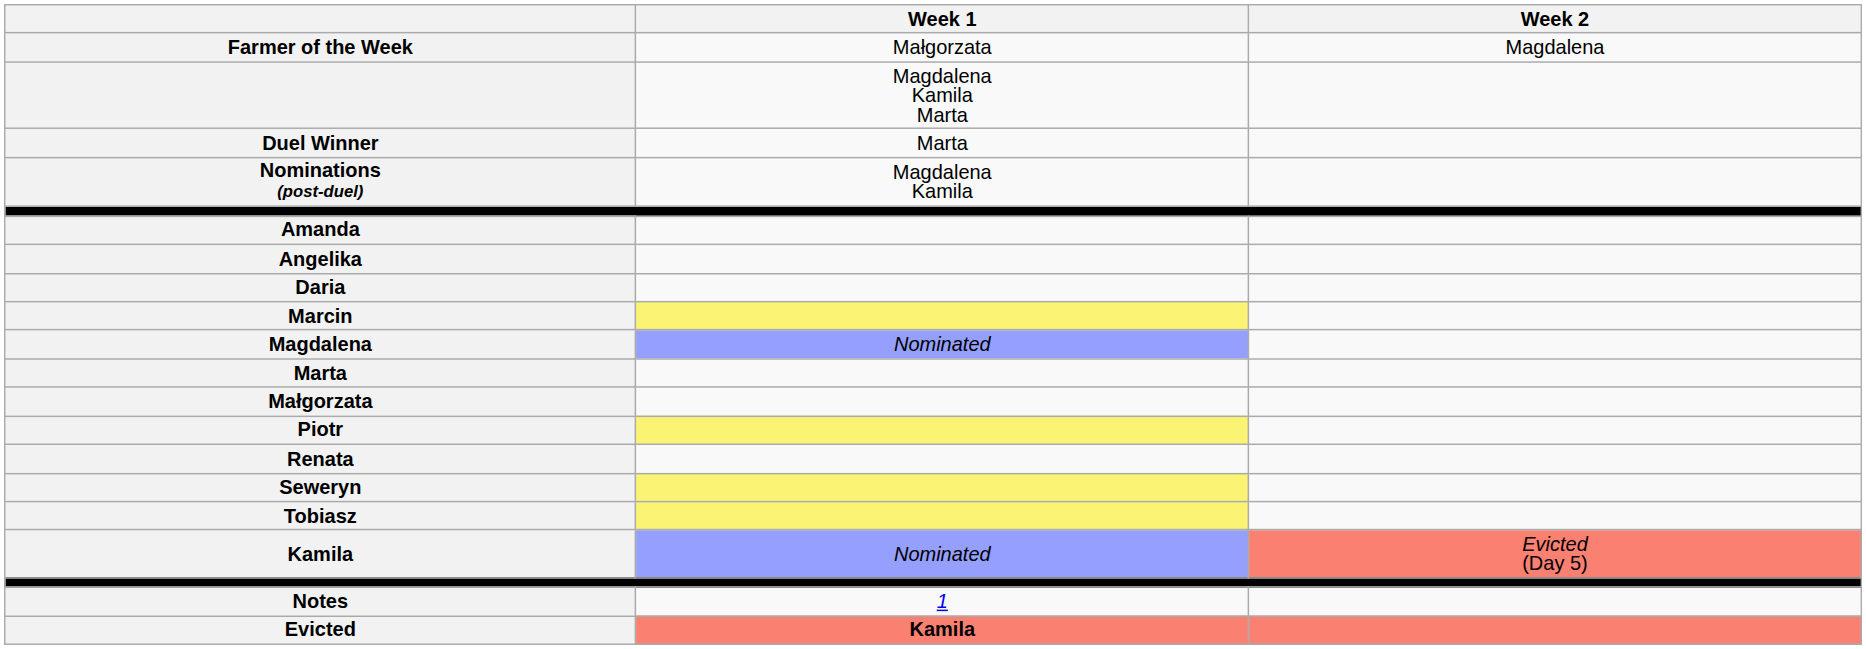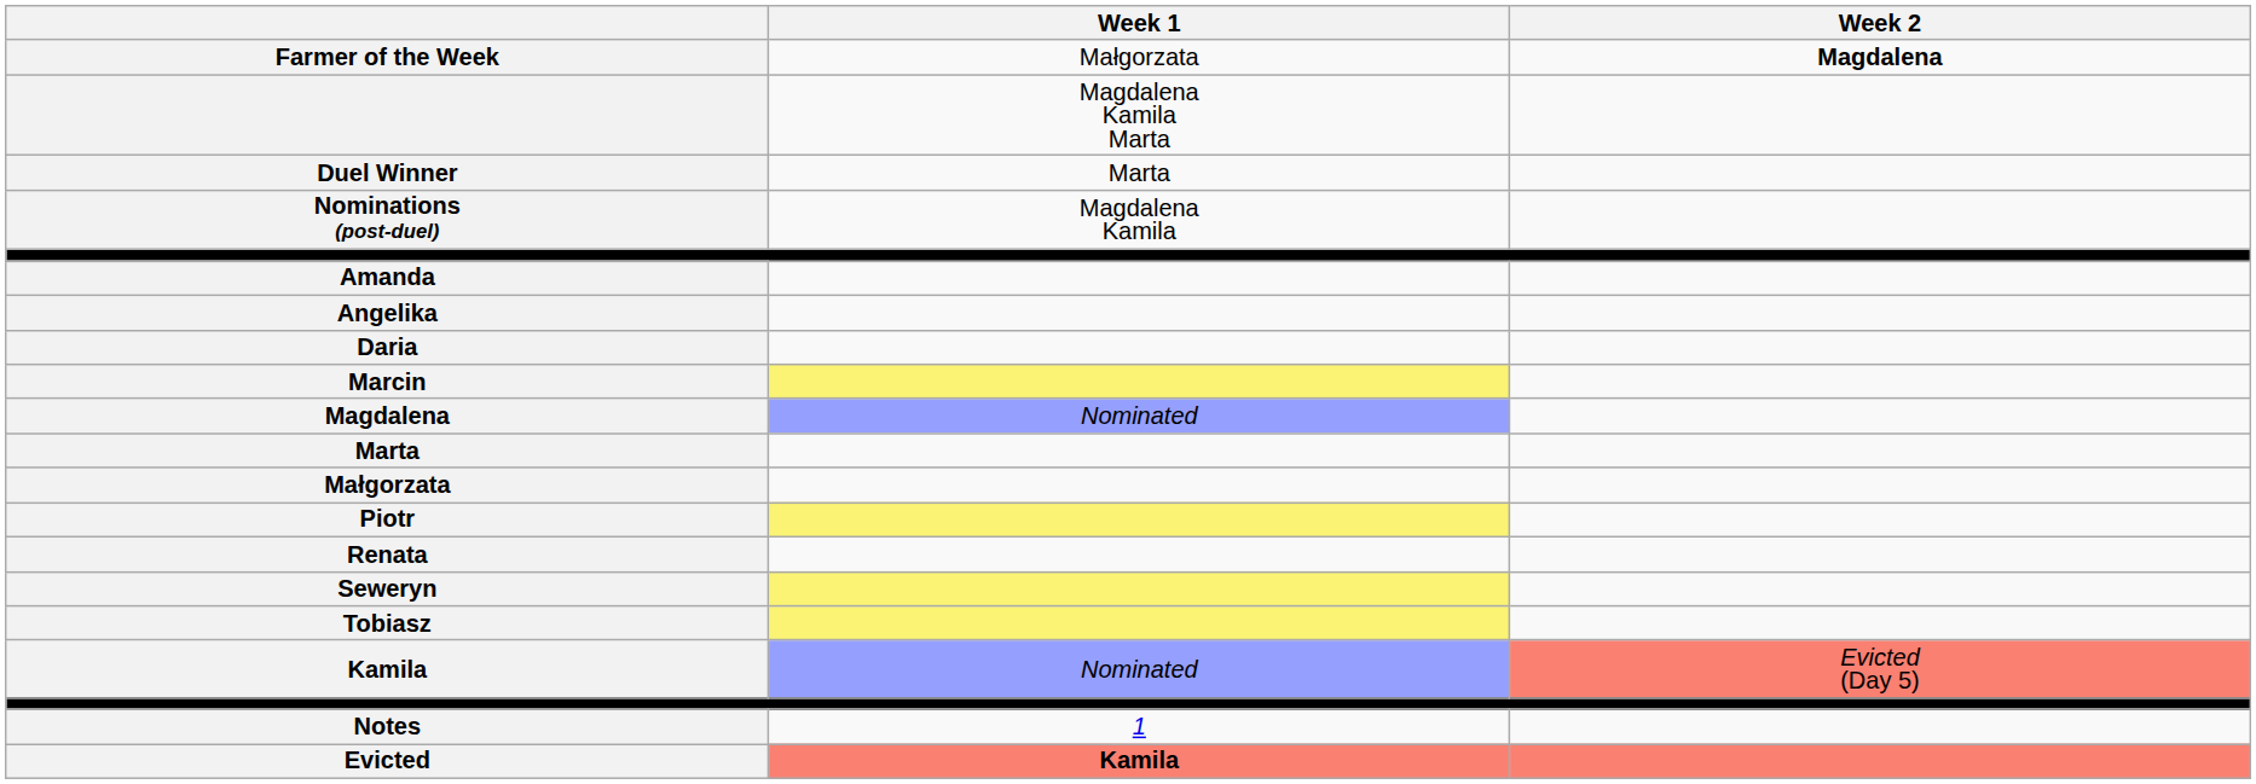 <table class="wikitable" style="width:100%; text-align:center; font-size:85%; line-height:13px;">
 <tr>
 <th style="width:34%"></th>
 <th style="width:33%">Week 1</th>
 <th style="width:33%">Week 2</th>
 </tr>
 <tr>
 <th>Farmer of the Week</th>
 <td>Małgorzata</td>
-<td>Magdalena</td>
+<td><strong>Magdalena</strong></td>
 </tr>
 <tr>
 <th></th>
 <td>Magdalena<br>Kamila<br>Marta</td>
 <td></td>
 </tr>
 <tr>
 <th>Duel Winner</th>
 <td>Marta</td>
 <td></td>
 </tr>
 <tr>
 <th>Nominations<br><small><em>(post-duel)</em></small></th>
 <td>Magdalena<br>Kamila</td>
 <td></td>
 </tr>
 <tr>
 <th colspan="14" style="background:#000"></th>
 </tr>
 <tr>
 <th>Amanda</th>
 <td></td>
 <td></td>
 </tr>
 <tr>
 <th>Angelika</th>
 <td></td>
 <td></td>
 </tr>
 <tr>
 <th>Daria</th>
 <td></td>
 <td></td>
 </tr>
 <tr>
 <th>Marcin</th>
 <td style="background:#FBF373"></td>
 <td></td>
 </tr>
 <tr>
 <th>Magdalena</th>
 <td style="background:#959ffd"><em>Nominated</em></td>
 <td></td>
 </tr>
 <tr>
 <th>Marta</th>
 <td></td>
 <td></td>
 </tr>
 <tr>
 <th>Małgorzata</th>
 <td></td>
 <td></td>
 </tr>
 <tr>
 <th>Piotr</th>
 <td style="background:#FBF373"></td>
 <td></td>
 </tr>
 <tr>
 <th>Renata</th>
 <td></td>
 <td></td>
 </tr>
 <tr>
 <th>Seweryn</th>
 <td style="background:#FBF373"></td>
 <td></td>
 </tr>
 <tr>
 <th>Tobiasz</th>
 <td style="background:#FBF373"></td>
 <td></td>
 </tr>
 <tr>
 <th>Kamila</th>
 <td style="background:#959ffd"><em>Nominated</em></td>
 <td colspan="1" style="background:salmon"><em>Evicted</em><br>(Day 5)</td>
 </tr>
 <tr>
 <th colspan="14" style="background:#000"></th>
 </tr>
 <tr>
 <th>Notes</th>
 <td><em><a href='#'>1</a></em></td>
 <td></td>
 </tr>
 <tr>
 <th rowspan="2">Evicted</th>
 <td style="background:#FA8072"><strong>Kamila</strong></td>
 <td style="background:#FA8072"></td>
 </tr>
 </table>
